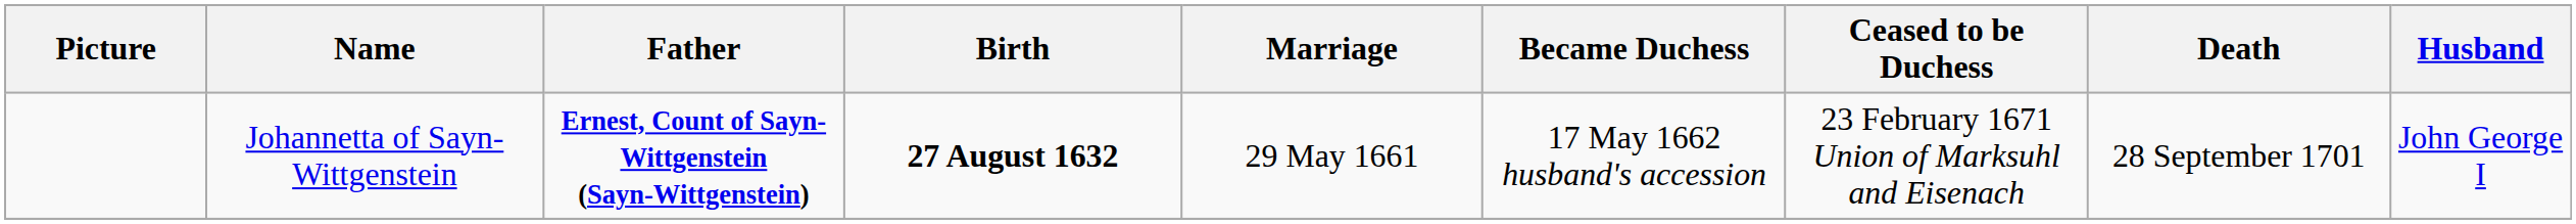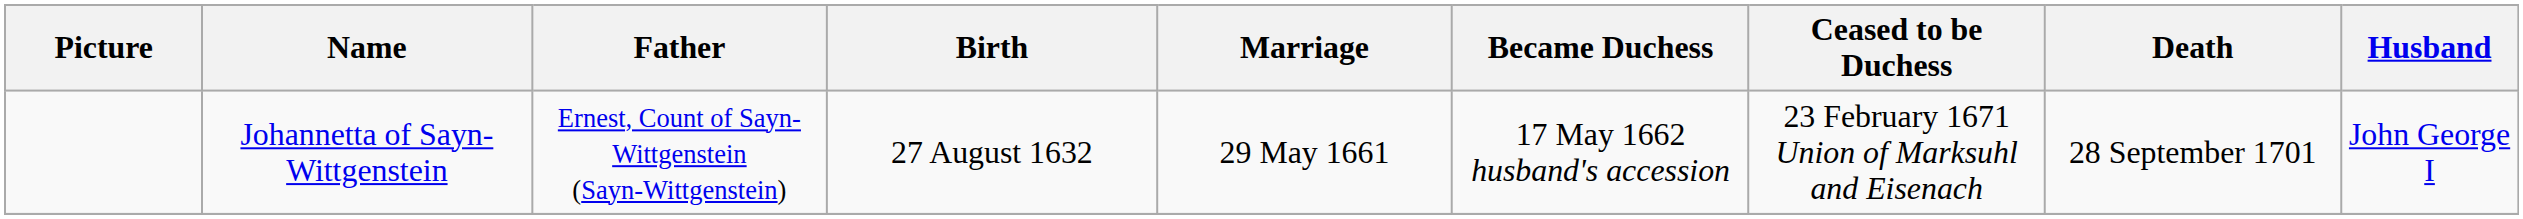 <table width=100% class="wikitable">
 <tr>
 <th width = "6%">Picture</th>
 <th width = "10%">Name</th>
 <th width = "9%">Father</th>
 <th width = "10%">Birth</th>
 <th width = "9%">Marriage</th>
 <th width = "9%">Became Duchess</th>
 <th width = "9%">Ceased to be Duchess</th>
 <th width = "9%">Death</th>
 <th width = "5%"><a href='#'>Husband</a></th>
 </tr>
 <tr>
 <td align="center"></td>
 <td align="center"><a href='#'>Johannetta of Sayn-Wittgenstein</a></td>
-<td align="center"><strong><small><a href='#'>Ernest, Count of Sayn-Wittgenstein</a><br>(<a href='#'>Sayn-Wittgenstein</a>)</small></strong></td>
-<td align="center"><strong>27 August 1632</strong></td>
+<td align="center"><small><a href='#'>Ernest, Count of Sayn-Wittgenstein</a><br>(<a href='#'>Sayn-Wittgenstein</a>)</small></td>
+<td align="center">27 August 1632</td>
 <td align="center">29 May 1661</td>
 <td align="center">17 May 1662 <br><em>husband's accession</em></td>
 <td align="center">23 February 1671<br><em>Union of Marksuhl and Eisenach</em></td>
 <td align="center">28 September 1701</td>
 <td align="center"><a href='#'>John George I</a></td>
 </tr>
 <tr>
 </tr>
 </table>
